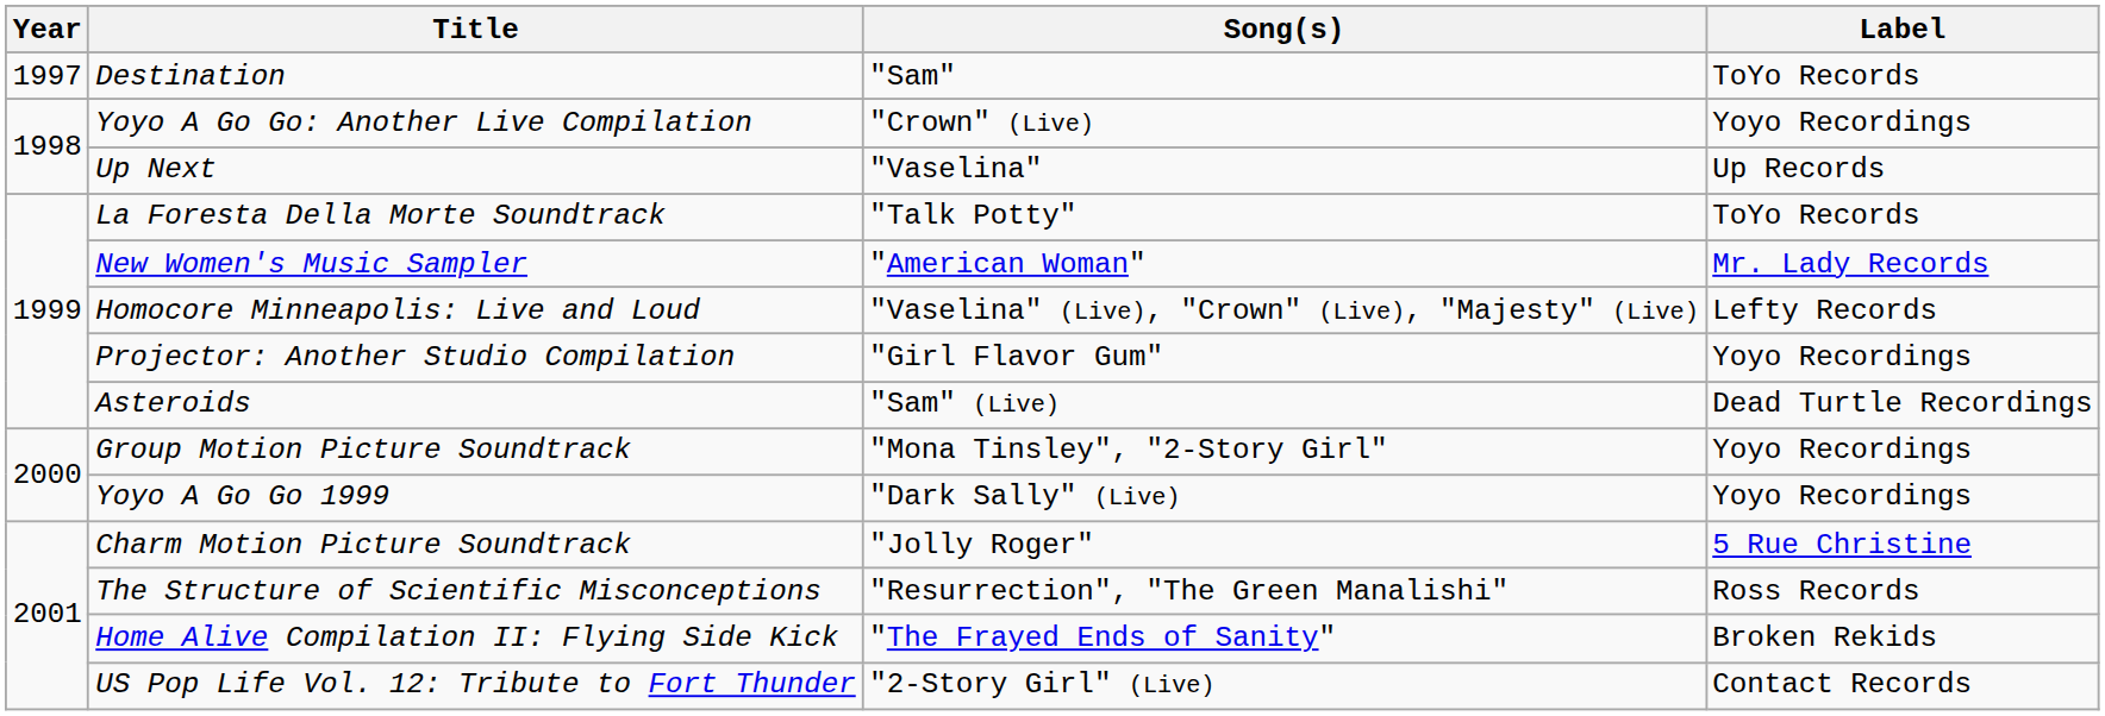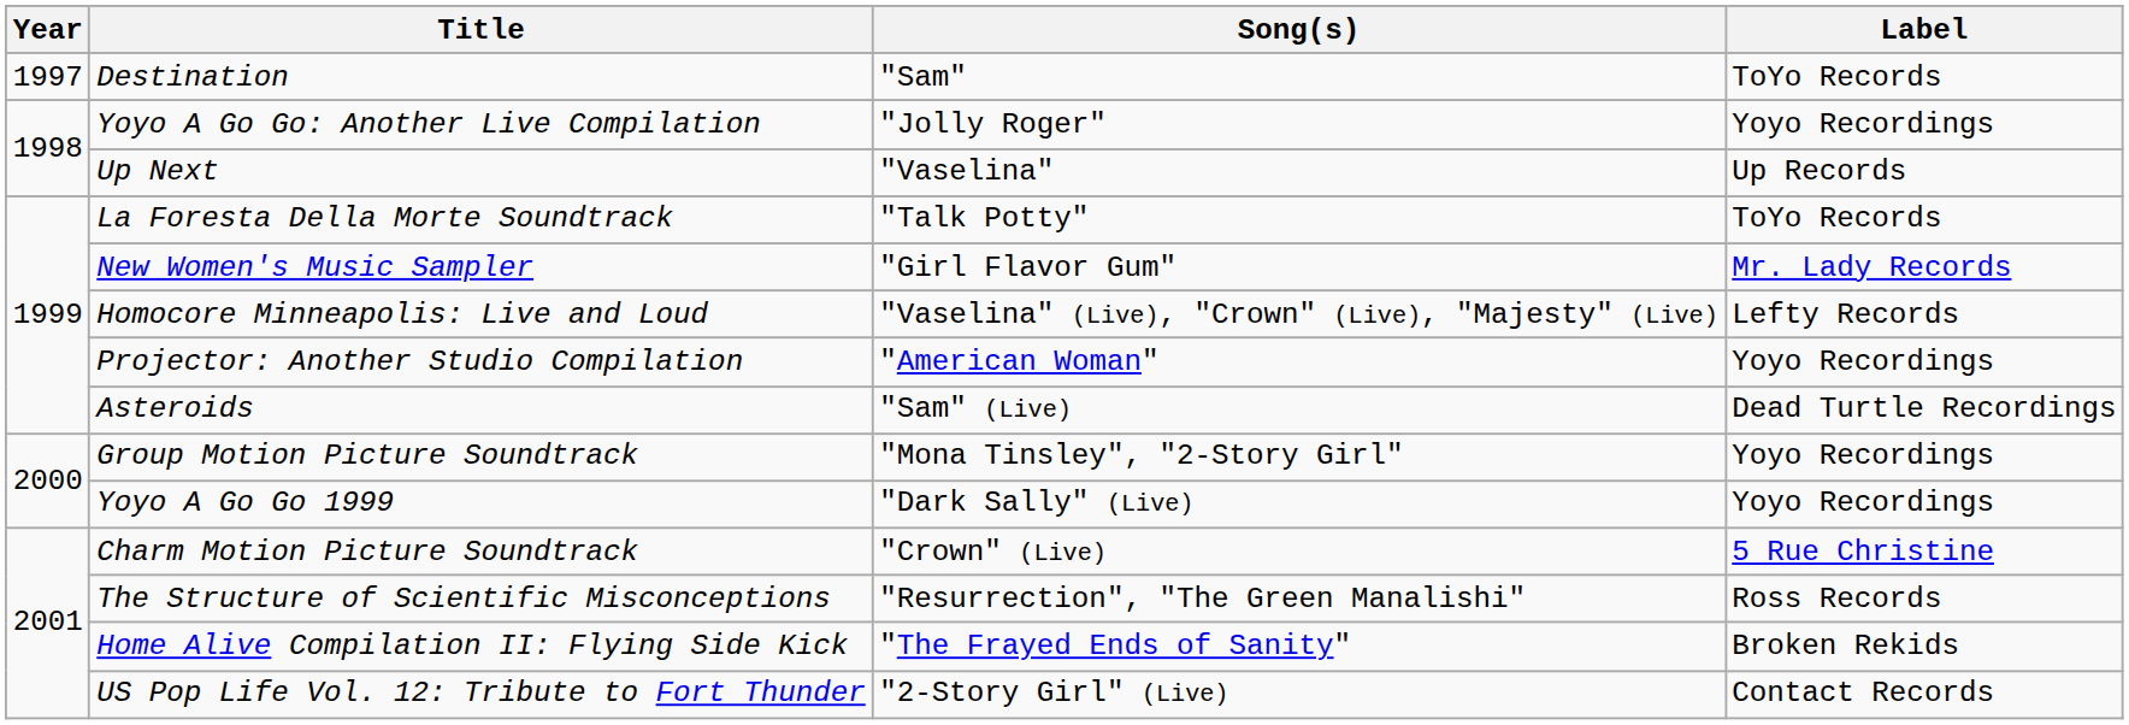 <table class="wikitable">
 <tr>
 <th>Year</th>
 <th>Title</th>
 <th>Song(s)</th>
 <th>Label</th>
 </tr>
 <tr>
 <td>1997</td>
 <td><em>Destination</em></td>
 <td>"Sam"</td>
 <td>ToYo Records</td>
 </tr>
 <tr>
 <td rowspan="2">1998</td>
 <td><em>Yoyo A Go Go: Another Live Compilation</em></td>
-<td>"Crown" <small>(Live)</small></td>
+<td>"Jolly Roger"</td>
 <td>Yoyo Recordings</td>
 </tr>
 <tr>
 <td><em>Up Next</em></td>
 <td>"Vaselina"</td>
 <td>Up Records</td>
 </tr>
 <tr>
 <td rowspan="5">1999</td>
 <td><em>La Foresta Della Morte Soundtrack</em></td>
 <td>"Talk Potty"</td>
 <td>ToYo Records</td>
 </tr>
 <tr>
 <td><em><a href='#'>New Women's Music Sampler</a></em></td>
-<td>"<a href='#'>American Woman</a>"</td>
+<td>"Girl Flavor Gum"</td>
 <td><a href='#'>Mr. Lady Records</a></td>
 </tr>
 <tr>
 <td><em>Homocore Minneapolis: Live and Loud</em></td>
 <td>"Vaselina" <small>(Live)</small>, "Crown" <small>(Live)</small>, "Majesty" <small>(Live)</small></td>
 <td>Lefty Records</td>
 </tr>
 <tr>
 <td><em>Projector: Another Studio Compilation</em></td>
-<td>"Girl Flavor Gum"</td>
+<td>"<a href='#'>American Woman</a>"</td>
 <td>Yoyo Recordings</td>
 </tr>
 <tr>
 <td><em>Asteroids</em></td>
 <td>"Sam" <small>(Live)</small></td>
 <td>Dead Turtle Recordings</td>
 </tr>
 <tr>
 <td rowspan="2">2000</td>
 <td><em>Group Motion Picture Soundtrack</em></td>
 <td>"Mona Tinsley", "2-Story Girl"</td>
 <td>Yoyo Recordings</td>
 </tr>
 <tr>
 <td><em>Yoyo A Go Go 1999</em></td>
 <td>"Dark Sally" <small>(Live)</small></td>
 <td>Yoyo Recordings</td>
 </tr>
 <tr>
 <td rowspan="4">2001</td>
 <td><em>Charm Motion Picture Soundtrack</em></td>
-<td>"Jolly Roger"</td>
+<td>"Crown" <small>(Live)</small></td>
 <td><a href='#'>5 Rue Christine</a></td>
 </tr>
 <tr>
 <td><em>The Structure of Scientific Misconceptions</em></td>
 <td>"Resurrection", "The Green Manalishi"</td>
 <td>Ross Records</td>
 </tr>
 <tr>
 <td><em><a href='#'>Home Alive</a> Compilation II: Flying Side Kick</em></td>
 <td>"<a href='#'>The Frayed Ends of Sanity</a>"</td>
 <td>Broken Rekids</td>
 </tr>
 <tr>
 <td><em>US Pop Life Vol. 12: Tribute to <a href='#'>Fort Thunder</a></em></td>
 <td>"2-Story Girl" <small>(Live)</small></td>
 <td>Contact Records</td>
 </tr>
 </table>
